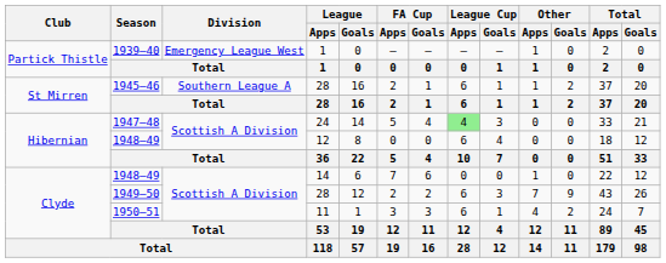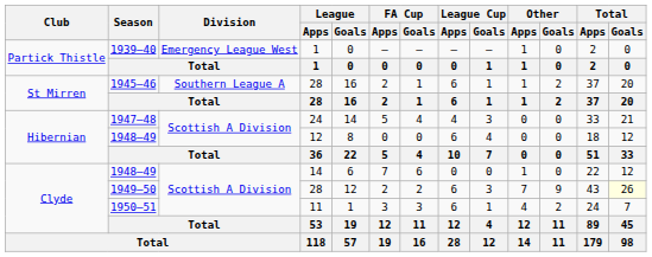 <table class="wikitable" style="text-align: center;">
 <tr>
 <th rowspan="2">Club</th>
 <th rowspan="2">Season</th>
 <th rowspan="2">Division</th>
 <th colspan="2">League</th>
 <th colspan="2">FA Cup</th>
 <th colspan="2">League Cup</th>
 <th colspan="2">Other</th>
 <th colspan="2">Total</th>
 </tr>
 <tr>
 <th>Apps</th>
 <th>Goals</th>
 <th>Apps</th>
 <th>Goals</th>
 <th>Apps</th>
 <th>Goals</th>
 <th>Apps</th>
 <th>Goals</th>
 <th>Apps</th>
 <th>Goals</th>
 </tr>
 <tr>
 <td rowspan="2"><a href='#'>Partick Thistle</a></td>
 <td><a href='#'>1939–40</a></td>
 <td><a href='#'>Emergency League West</a></td>
 <td>1</td>
 <td>0</td>
 <td>–</td>
 <td>–</td>
 <td>–</td>
 <td>–</td>
 <td>1</td>
 <td>0</td>
 <td>2</td>
 <td>0</td>
 </tr>
 <tr>
 <th colspan = "2">Total</th>
 <th>1</th>
 <th>0</th>
 <th>0</th>
 <th>0</th>
 <th>0</th>
 <th>1</th>
 <th>1</th>
 <th>0</th>
 <th>2</th>
 <th>0</th>
 </tr>
 <tr>
 <td rowspan="2"><a href='#'>St Mirren</a></td>
 <td><a href='#'>1945–46</a></td>
 <td><a href='#'>Southern League A</a></td>
 <td>28</td>
 <td>16</td>
 <td>2</td>
 <td>1</td>
 <td>6</td>
 <td>1</td>
 <td>1</td>
 <td>2</td>
 <td>37</td>
 <td>20</td>
 </tr>
 <tr>
 <th colspan = "2">Total</th>
 <th>28</th>
 <th>16</th>
 <th>2</th>
 <th>1</th>
 <th>6</th>
 <th>1</th>
 <th>1</th>
 <th>2</th>
 <th>37</th>
 <th>20</th>
 </tr>
 <tr>
 <td rowspan="3"><a href='#'>Hibernian</a></td>
 <td><a href='#'>1947–48</a></td>
 <td rowspan = 2><a href='#'>Scottish A Division</a></td>
 <td>24</td>
 <td>14</td>
 <td>5</td>
 <td>4</td>
-<td style="background: lightgreen;">4</td>
+<td>4</td>
 <td>3</td>
 <td>0</td>
 <td>0</td>
 <td>33</td>
 <td>21</td>
 </tr>
 <tr>
 <td><a href='#'>1948–49</a></td>
 <td>12</td>
 <td>8</td>
 <td>0</td>
 <td>0</td>
 <td>6</td>
 <td>4</td>
 <td>0</td>
 <td>0</td>
 <td>18</td>
 <td>12</td>
 </tr>
 <tr>
 <th colspan = "2">Total</th>
 <th>36</th>
 <th>22</th>
 <th>5</th>
 <th>4</th>
 <th>10</th>
 <th>7</th>
 <th>0</th>
 <th>0</th>
 <th>51</th>
 <th>33</th>
 </tr>
 <tr>
 <td rowspan="4"><a href='#'>Clyde</a></td>
 <td><a href='#'>1948–49</a></td>
 <td rowspan = 3><a href='#'>Scottish A Division</a></td>
 <td>14</td>
 <td>6</td>
 <td>7</td>
 <td>6</td>
 <td>0</td>
 <td>0</td>
 <td>1</td>
 <td>0</td>
 <td>22</td>
 <td>12</td>
 </tr>
 <tr>
 <td><a href='#'>1949–50</a></td>
 <td>28</td>
 <td>12</td>
 <td>2</td>
 <td>2</td>
 <td>6</td>
 <td>3</td>
 <td>7</td>
 <td>9</td>
 <td>43</td>
-<td>26</td>
+<td style="background: lightyellow;">26</td>
 </tr>
 <tr>
 <td><a href='#'>1950–51</a></td>
 <td>11</td>
 <td>1</td>
 <td>3</td>
 <td>3</td>
 <td>6</td>
 <td>1</td>
 <td>4</td>
 <td>2</td>
 <td>24</td>
 <td>7</td>
 </tr>
 <tr>
 <th colspan="2">Total</th>
 <th>53</th>
 <th>19</th>
 <th>12</th>
 <th>11</th>
 <th>12</th>
 <th>4</th>
 <th>12</th>
 <th>11</th>
 <th>89</th>
 <th>45</th>
 </tr>
 <tr>
 <th colspan="3">Total</th>
 <th>118</th>
 <th>57</th>
 <th>19</th>
 <th>16</th>
 <th>28</th>
 <th>12</th>
 <th>14</th>
 <th>11</th>
 <th>179</th>
 <th>98</th>
 </tr>
 </table>
